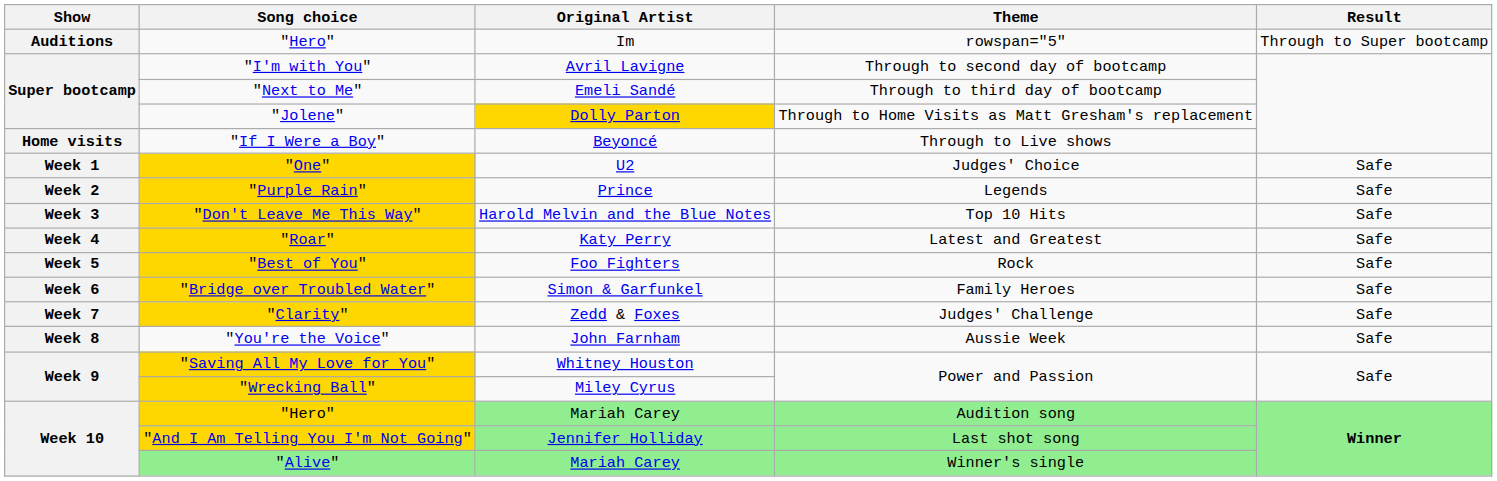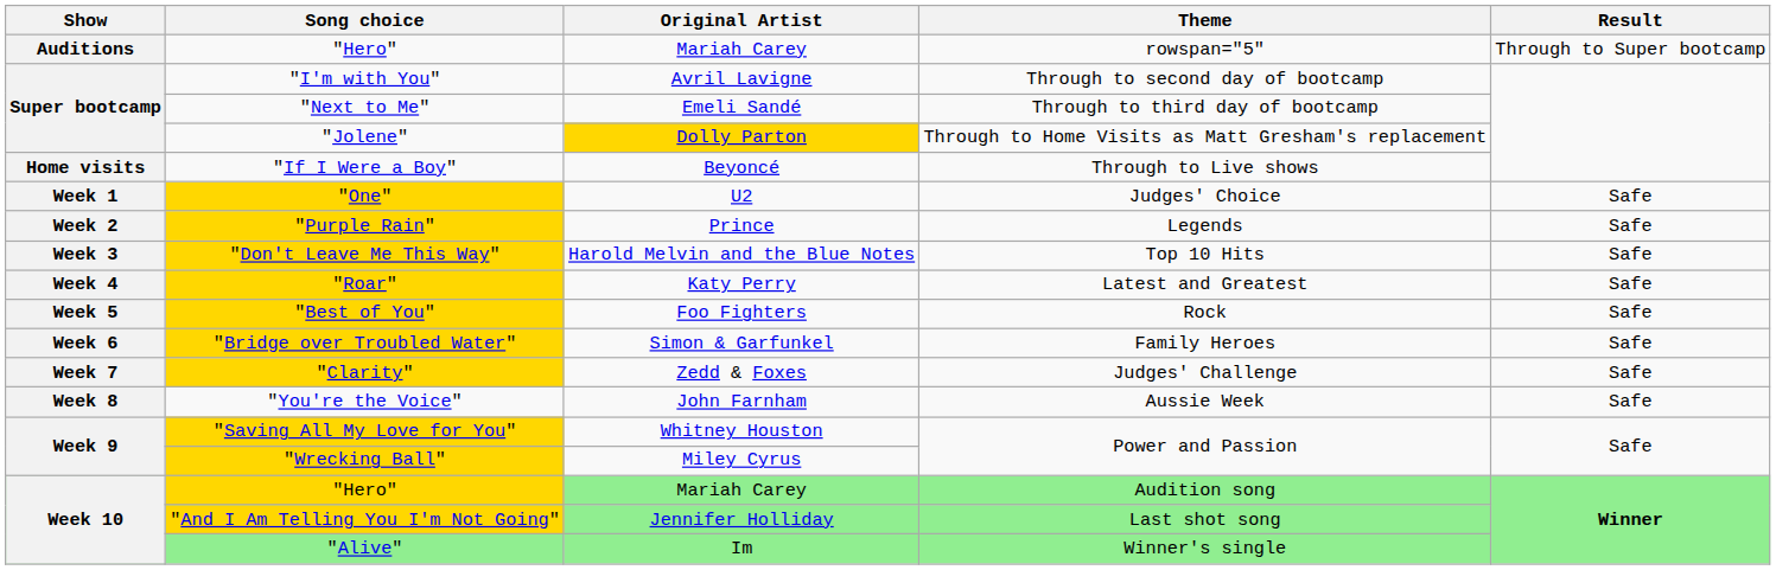 <table class="wikitable collapsible" style="text-align:center;">
 <tr>
 <th style="text-align:centre;">Show</th>
 <th style="text-align:centre;">Song choice</th>
 <th style="text-align:centre;">Original Artist</th>
 <th style="text-align:centre;">Theme</th>
 <th style="text-align:centre;">Result</th>
 </tr>
 <tr>
 <th>Auditions</th>
 <td>"<a href='#'>Hero</a>"</td>
-<td>Im</td>
+<td><a href='#'>Mariah Carey</a></td>
 <td>rowspan="5" </td>
 <td>Through to Super bootcamp</td>
 </tr>
 <tr>
 <th rowspan="3">Super bootcamp</th>
 <td>"<a href='#'>I'm with You</a>"</td>
 <td><a href='#'>Avril Lavigne</a></td>
 <td>Through to second day of bootcamp</td>
 </tr>
 <tr>
 <td>"<a href='#'>Next to Me</a>"</td>
 <td><a href='#'>Emeli Sandé</a></td>
 <td>Through to third day of bootcamp</td>
 </tr>
 <tr>
 <td>"<a href='#'>Jolene</a>"</td>
 <td style="background: gold;"><a href='#'>Dolly Parton</a></td>
 <td>Through to Home Visits as Matt Gresham's replacement</td>
 </tr>
 <tr>
 <th>Home visits</th>
 <td>"<a href='#'>If I Were a Boy</a>"</td>
 <td><a href='#'>Beyoncé</a></td>
 <td>Through to Live shows</td>
 </tr>
 <tr>
 <th>Week 1</th>
 <td style="background:gold">"<a href='#'>One</a>"</td>
 <td><a href='#'>U2</a></td>
 <td>Judges' Choice</td>
 <td>Safe</td>
 </tr>
 <tr>
 <th>Week 2</th>
 <td style="background:gold">"<a href='#'>Purple Rain</a>"</td>
 <td><a href='#'>Prince</a></td>
 <td>Legends</td>
 <td>Safe</td>
 </tr>
 <tr>
 <th>Week 3</th>
 <td style="background:gold">"<a href='#'>Don't Leave Me This Way</a>"</td>
 <td><a href='#'>Harold Melvin and the Blue Notes</a></td>
 <td>Top 10 Hits</td>
 <td>Safe</td>
 </tr>
 <tr>
 <th>Week 4</th>
 <td style="background:gold">"<a href='#'>Roar</a>"</td>
 <td><a href='#'>Katy Perry</a></td>
 <td>Latest and Greatest</td>
 <td>Safe</td>
 </tr>
 <tr>
 <th>Week 5</th>
 <td style="background:gold">"<a href='#'>Best of You</a>"</td>
 <td><a href='#'>Foo Fighters</a></td>
 <td>Rock</td>
 <td>Safe</td>
 </tr>
 <tr>
 <th>Week 6</th>
 <td style="background:gold">"<a href='#'>Bridge over Troubled Water</a>"</td>
 <td><a href='#'>Simon & Garfunkel</a></td>
 <td>Family Heroes</td>
 <td>Safe</td>
 </tr>
 <tr>
 <th>Week 7</th>
 <td style="background:gold">"<a href='#'>Clarity</a>"</td>
 <td><a href='#'>Zedd</a> & <a href='#'>Foxes</a></td>
 <td>Judges' Challenge</td>
 <td>Safe</td>
 </tr>
 <tr>
 <th>Week 8</th>
 <td>"<a href='#'>You're the Voice</a>"</td>
 <td><a href='#'>John Farnham</a></td>
 <td>Aussie Week</td>
 <td>Safe</td>
 </tr>
 <tr>
 <th rowspan="2">Week 9</th>
 <td style="background:gold">"<a href='#'>Saving All My Love for You</a>"</td>
 <td><a href='#'>Whitney Houston</a></td>
 <td rowspan="2">Power and Passion</td>
 <td rowspan="2">Safe</td>
 </tr>
 <tr>
 <td style="background:gold">"<a href='#'>Wrecking Ball</a>"</td>
 <td><a href='#'>Miley Cyrus</a></td>
 </tr>
 <tr style="background:lightgreen">
 <th rowspan="3">Week 10</th>
 <td style="background:gold">"Hero"</td>
 <td>Mariah Carey</td>
 <td>Audition song</td>
 <td rowspan="4"><strong>Winner</strong></td>
 </tr>
 <tr style="background:lightgreen">
 <td style="background:gold">"<a href='#'>And I Am Telling You I'm Not Going</a>"</td>
 <td><a href='#'>Jennifer Holliday</a></td>
 <td>Last shot song</td>
 </tr>
 <tr style="background:lightgreen">
 <td>"<a href='#'>Alive</a>"</td>
-<td><a href='#'>Mariah Carey</a></td>
+<td>Im</td>
 <td>Winner's single</td>
 </tr>
 </table>
